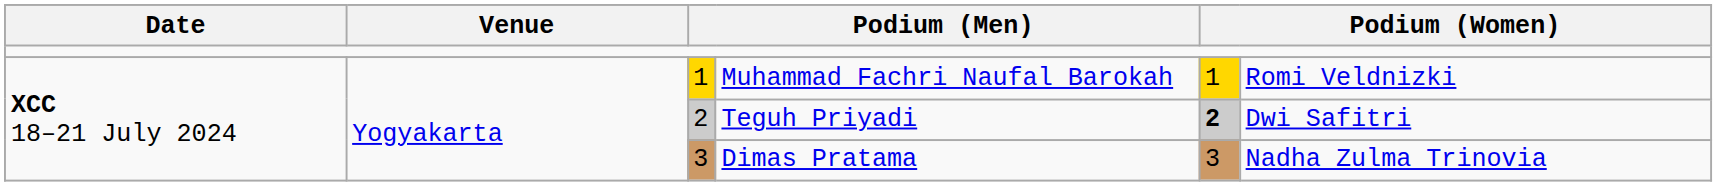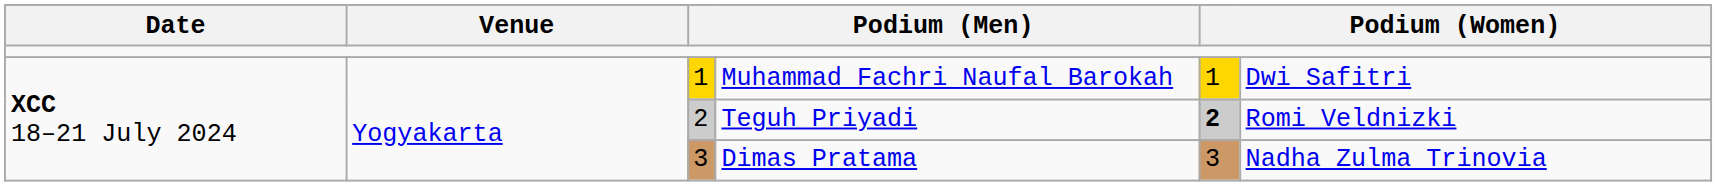 <table class="wikitable" width=70%>
 <tr>
 <th>Date</th>
 <th width=20%>Venue</th>
 <th colspan=2 width=30%>Podium (Men)</th>
 <th colspan=2 width=30%>Podium (Women)</th>
 </tr>
 <tr>
 <td colspan=6></td>
 </tr>
 <tr>
 <td rowspan=3><strong>XCC</strong> <br> 18–21 July 2024</td>
 <td rowspan=3><br><a href='#'>Yogyakarta</a></td>
 <td bgcolor=FFD700>1</td>
 <td><a href='#'>Muhammad Fachri Naufal Barokah</a></td>
 <td bgcolor=FFD700>1</td>
-<td><a href='#'>Romi Veldnizki</a></td>
+<td><a href='#'>Dwi Safitri</a></td>
 </tr>
 <tr>
 <td bgcolor=CCCCCC>2</td>
 <td><a href='#'>Teguh Priyadi</a></td>
 <td bgcolor=CCCCCC><strong>2</strong></td>
-<td><a href='#'>Dwi Safitri</a></td>
+<td><a href='#'>Romi Veldnizki</a></td>
 </tr>
 <tr>
 <td bgcolor=CC9966>3</td>
 <td><a href='#'>Dimas Pratama</a></td>
 <td bgcolor=CC9966>3</td>
 <td><a href='#'>Nadha Zulma Trinovia</a></td>
 </tr>
 </table>
